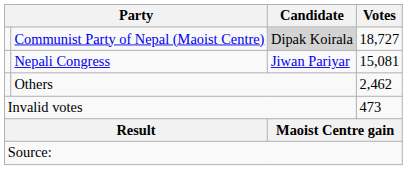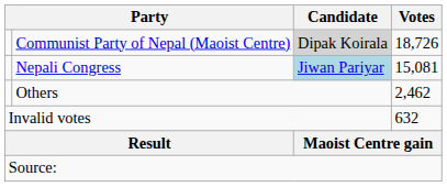 <table class="wikitable">
 <tr>
 <th colspan="2">Party</th>
 <th>Candidate</th>
 <th>Votes</th>
 </tr>
 <tr>
 <td style="background-color:"></td>
 <td><a href='#'>Communist Party of Nepal (Maoist Centre)</a></td>
 <td style="background: lightgrey;">Dipak Koirala</td>
-<td>18,727</td>
+<td>18,726</td>
 </tr>
 <tr>
 <td style="background-color:"></td>
 <td><a href='#'>Nepali Congress</a></td>
-<td><a href='#'>Jiwan Pariyar</a></td>
+<td style="background: lightblue;"><a href='#'>Jiwan Pariyar</a></td>
 <td>15,081</td>
 </tr>
 <tr>
 <td></td>
 <td colspan="2">Others</td>
 <td>2,462</td>
 </tr>
 <tr>
 <td colspan="3">Invalid votes</td>
-<td>473</td>
+<td>632</td>
 </tr>
 <tr>
 <th colspan="2">Result</th>
 <th colspan="2">Maoist Centre gain</th>
 </tr>
 <tr>
 <td colspan="4">Source: </td>
 </tr>
 </table>
